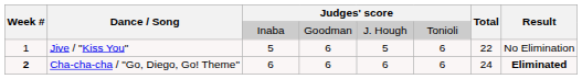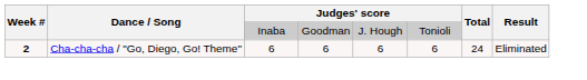 <table class="wikitable" style="text-align:center;">
 <tr style="text-align:center;">
 <th rowspan="2" bgcolor="#CCCCCC" align="Center">Week #</th>
 <th rowspan="2" bgcolor="#CCCCCC" align="Center">Dance / Song</th>
 <th colspan="4" bgcolor="#CCCCCC" align="Center">Judges' score</th>
 <th rowspan="2" bgcolor="#CCCCCC" align="Center">Total</th>
 <th rowspan="2" bgcolor="#CCCCCC" align="Center">Result</th>
 </tr>
 <tr>
 <td bgcolor="#CCCCCC" width="10%" align="center">Inaba</td>
 <td bgcolor="#CCCCCC" width="10%" align="center">Goodman</td>
 <td bgcolor="#CCCCCC" width="10%" align="center">J. Hough</td>
 <td bgcolor="#CCCCCC" width="10%" align="center">Tonioli</td>
 </tr>
 <tr>
-<td bgcolor="#FAF6F6">1</td>
-<td align="left" bgcolor="#FAF6F6"><a href='#'>Jive</a> / "<a href='#'>Kiss You</a>"</td>
-<td bgcolor="#FAF6F6">5</td>
-<td bgcolor="#FAF6F6">6</td>
-<td bgcolor="#FAF6F6">5</td>
-<td bgcolor="#FAF6F6">6</td>
-<td bgcolor="#FAF6F6">22</td>
-<td bgcolor="#FAF6F6">No Elimination</td>
-</tr>
-<tr>
 <td bgcolor="#FAF6F6"><strong>2</strong></td>
 <td align="left" bgcolor="#FAF6F6"><a href='#'>Cha-cha-cha</a> / "Go, Diego, Go! Theme"</td>
 <td bgcolor="#FAF6F6">6</td>
 <td bgcolor="#FAF6F6">6</td>
 <td bgcolor="#FAF6F6">6</td>
 <td bgcolor="#FAF6F6">6</td>
 <td bgcolor="#FAF6F6">24</td>
-<td bgcolor="#FAF6F6"><strong>Eliminated</strong></td>
+<td bgcolor="#FAF6F6">Eliminated</td>
 </tr>
 </table>
